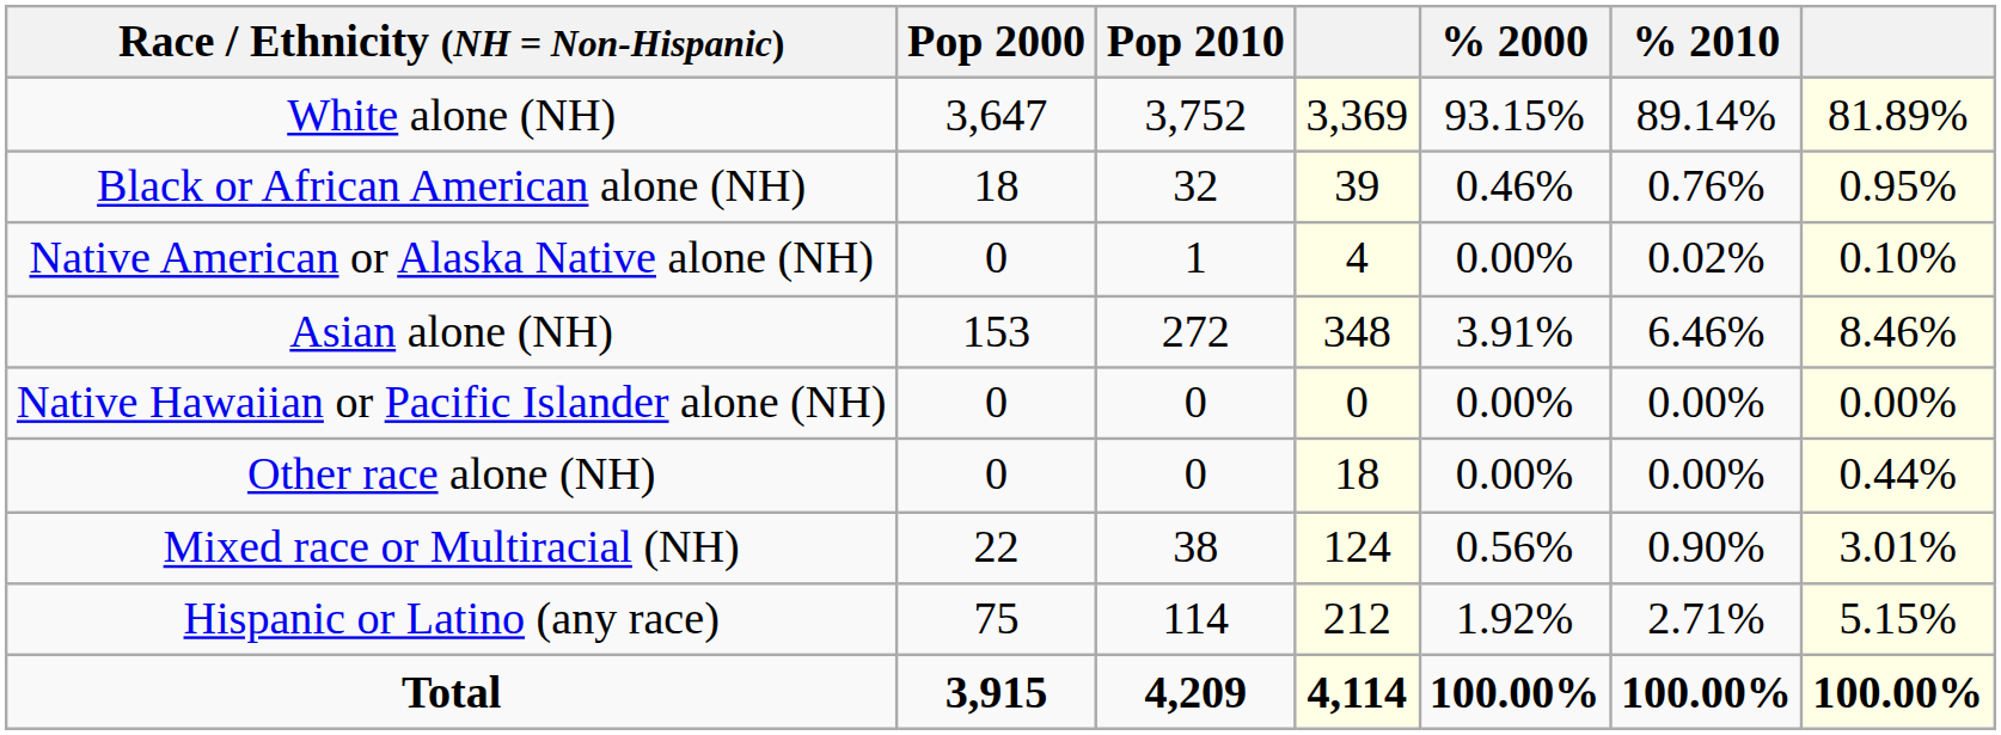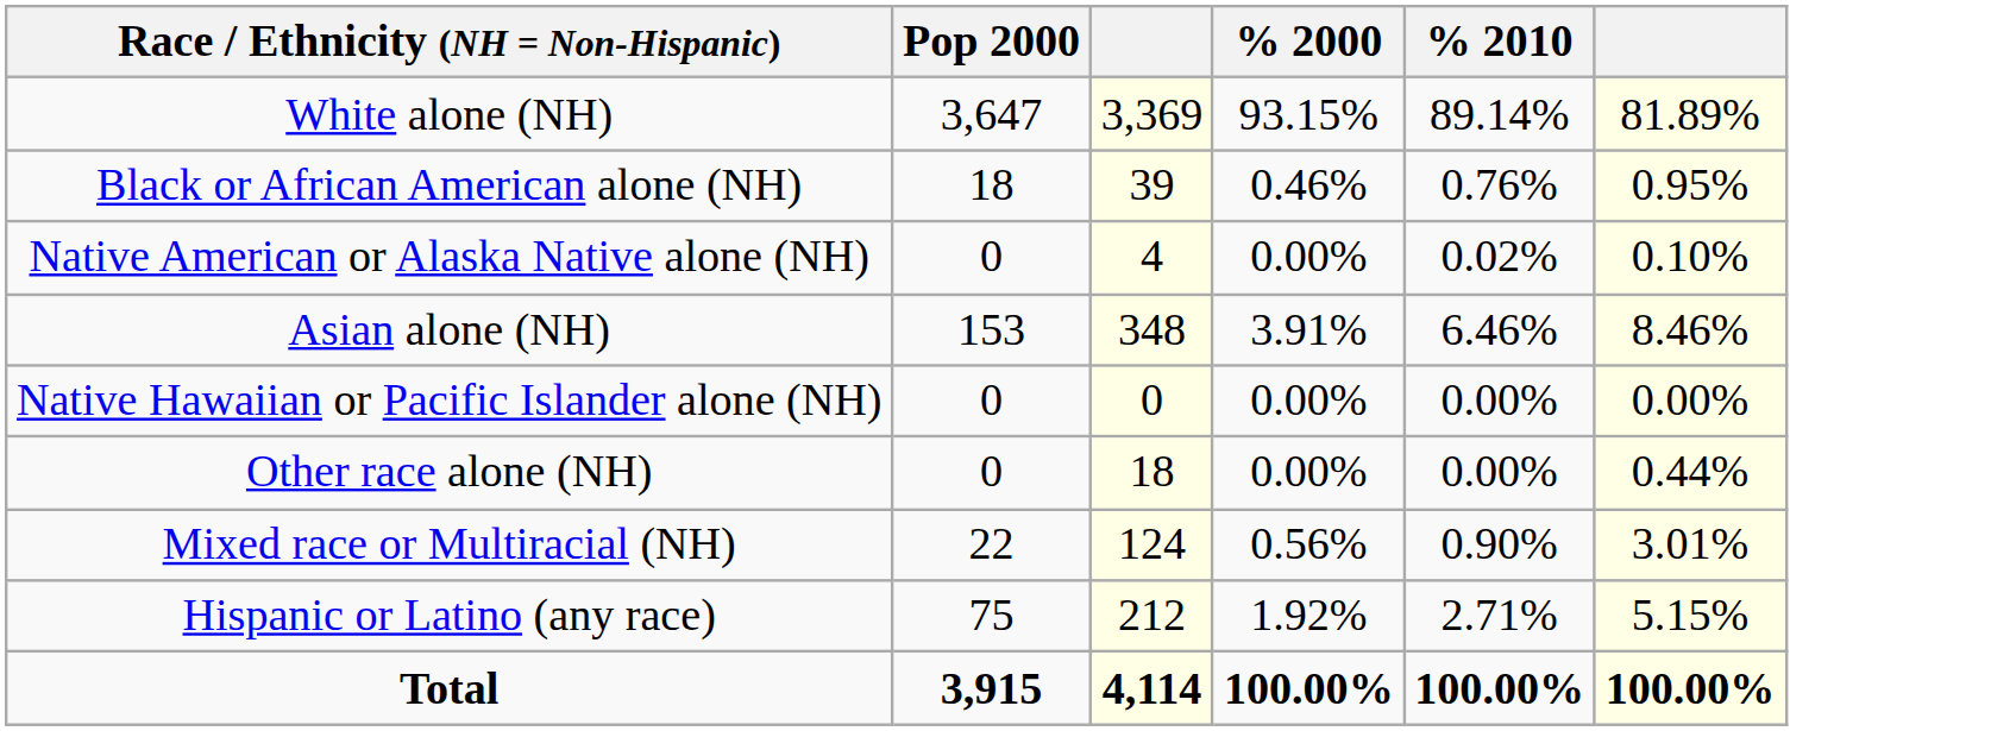 <table class="wikitable" style="text-align:center;">
 <tr>
 <th>Race / Ethnicity <small>(<em>NH = Non-Hispanic</em>)</small></th>
 <th>Pop 2000</th>
-<th>Pop 2010</th>
 <th></th>
 <th>% 2000</th>
 <th>% 2010</th>
 <th></th>
 </tr>
 <tr>
 <td><a href='#'>White</a> alone (NH)</td>
 <td>3,647</td>
-<td>3,752</td>
 <td style='background: #ffffe6;'>3,369</td>
 <td>93.15%</td>
 <td>89.14%</td>
 <td style='background: #ffffe6;'>81.89%</td>
 </tr>
 <tr>
 <td><a href='#'>Black or African American</a> alone (NH)</td>
 <td>18</td>
-<td>32</td>
 <td style='background: #ffffe6;'>39</td>
 <td>0.46%</td>
 <td>0.76%</td>
 <td style='background: #ffffe6;'>0.95%</td>
 </tr>
 <tr>
 <td><a href='#'>Native American</a> or <a href='#'>Alaska Native</a> alone (NH)</td>
 <td>0</td>
-<td>1</td>
 <td style='background: #ffffe6;'>4</td>
 <td>0.00%</td>
 <td>0.02%</td>
 <td style='background: #ffffe6;'>0.10%</td>
 </tr>
 <tr>
 <td><a href='#'>Asian</a> alone (NH)</td>
 <td>153</td>
-<td>272</td>
 <td style='background: #ffffe6;'>348</td>
 <td>3.91%</td>
 <td>6.46%</td>
 <td style='background: #ffffe6;'>8.46%</td>
 </tr>
 <tr>
 <td><a href='#'>Native Hawaiian</a> or <a href='#'>Pacific Islander</a> alone (NH)</td>
-<td>0</td>
 <td>0</td>
 <td style='background: #ffffe6;'>0</td>
 <td>0.00%</td>
 <td>0.00%</td>
 <td style='background: #ffffe6;'>0.00%</td>
 </tr>
 <tr>
 <td><a href='#'>Other race</a> alone (NH)</td>
 <td>0</td>
-<td>0</td>
 <td style='background: #ffffe6;'>18</td>
 <td>0.00%</td>
 <td>0.00%</td>
 <td style='background: #ffffe6;'>0.44%</td>
 </tr>
 <tr>
 <td><a href='#'>Mixed race or Multiracial</a> (NH)</td>
 <td>22</td>
-<td>38</td>
 <td style='background: #ffffe6;'>124</td>
 <td>0.56%</td>
 <td>0.90%</td>
 <td style='background: #ffffe6;'>3.01%</td>
 </tr>
 <tr>
 <td><a href='#'>Hispanic or Latino</a> (any race)</td>
 <td>75</td>
-<td>114</td>
 <td style='background: #ffffe6;'>212</td>
 <td>1.92%</td>
 <td>2.71%</td>
 <td style='background: #ffffe6;'>5.15%</td>
 </tr>
 <tr>
 <td><strong>Total</strong></td>
 <td><strong>3,915</strong></td>
-<td><strong>4,209</strong></td>
 <td style='background: #ffffe6;'><strong>4,114</strong></td>
 <td><strong>100.00%</strong></td>
 <td><strong>100.00%</strong></td>
 <td style='background: #ffffe6;'><strong>100.00%</strong></td>
 </tr>
 </table>
